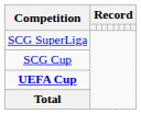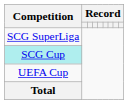 <table class="wikitable" style="text-align: center">
 <tr>
 <th rowspan=2>Competition</th>
 <th colspan=8>Record</th>
 </tr>
 <tr>
 <th></th>
 <th></th>
 <th></th>
 <th></th>
 <th></th>
 <th></th>
 <th></th>
 <th></th>
 </tr>
 <tr>
 <td><a href='#'>SCG SuperLiga</a><br></td>
 </tr>
 <tr>
-<td><a href='#'>SCG Cup</a><br></td>
+<td style="background: paleturquoise;"><a href='#'>SCG Cup</a><br></td>
 </tr>
 <tr>
-<td><strong><a href='#'>UEFA Cup</a><br></strong></td>
+<td><a href='#'>UEFA Cup</a><br></td>
 </tr>
 <tr>
 <th>Total<br></th>
 </tr>
 </table>
